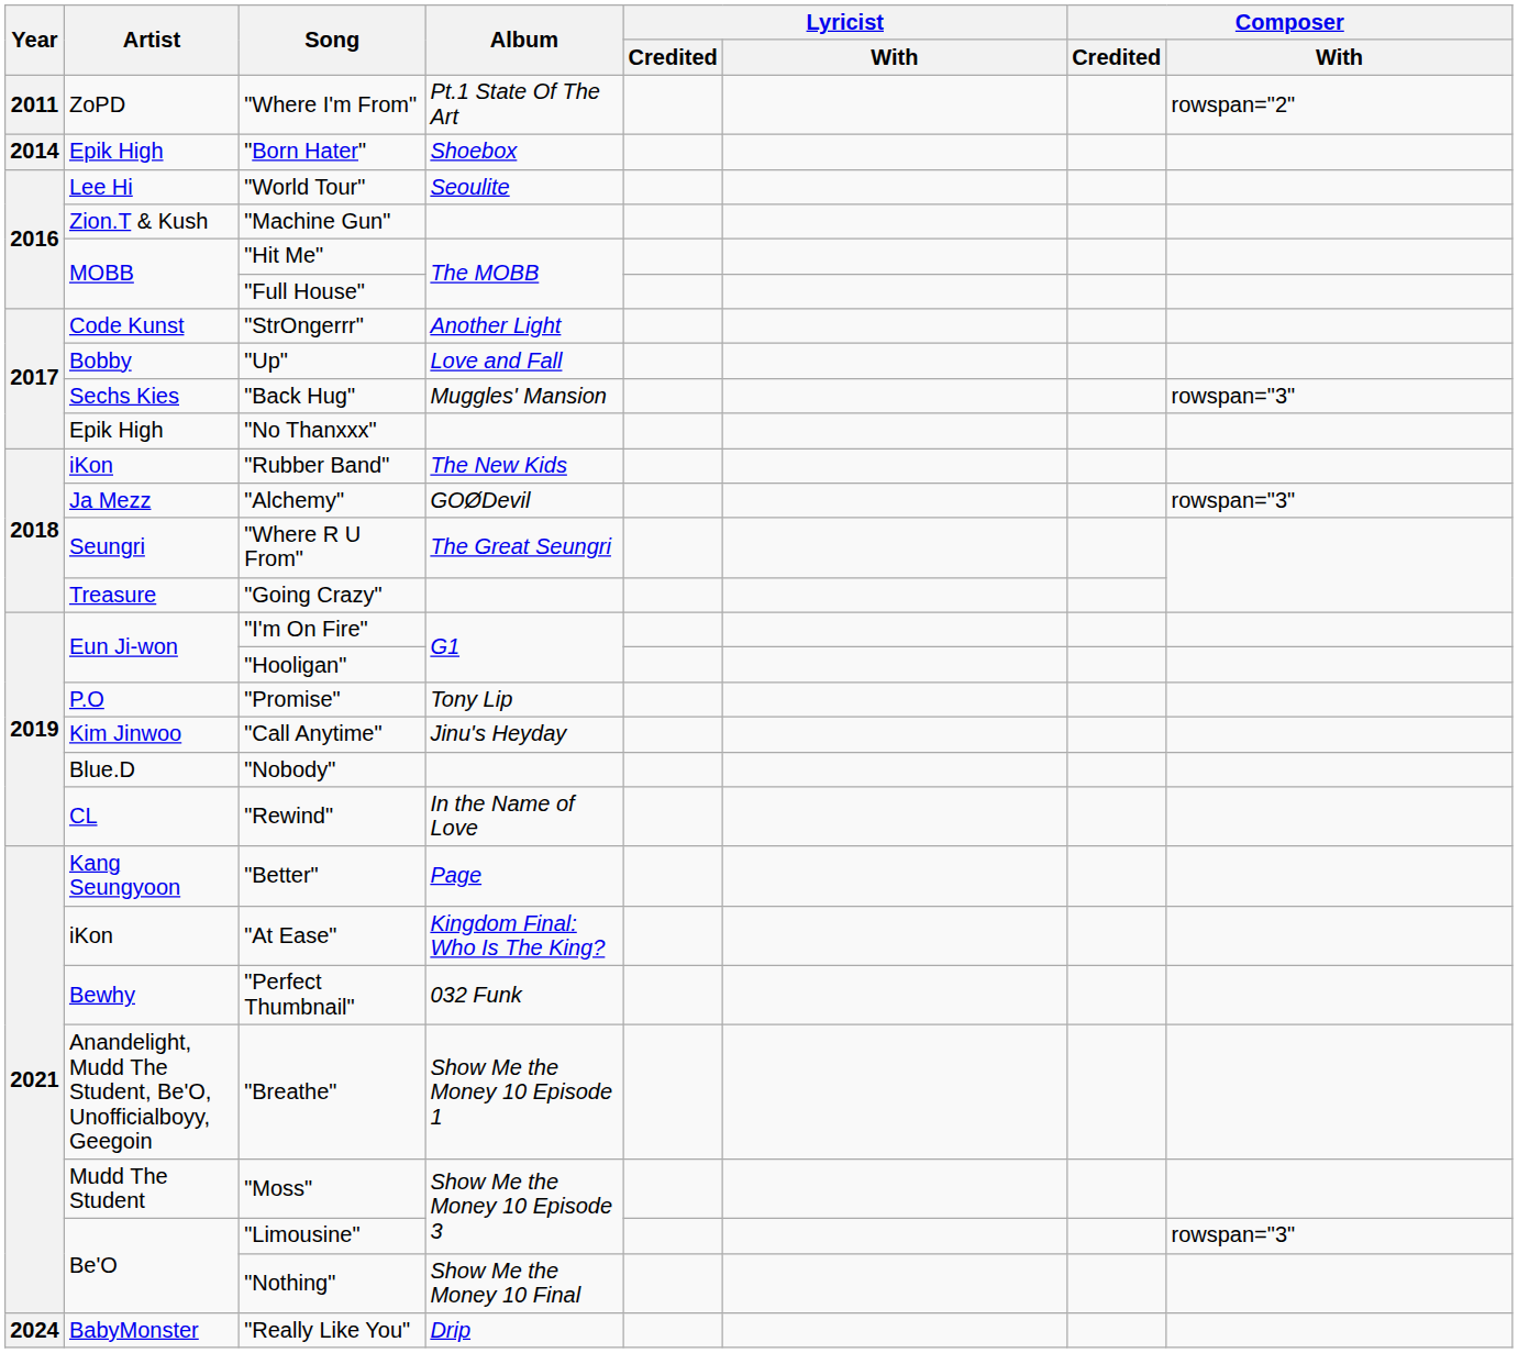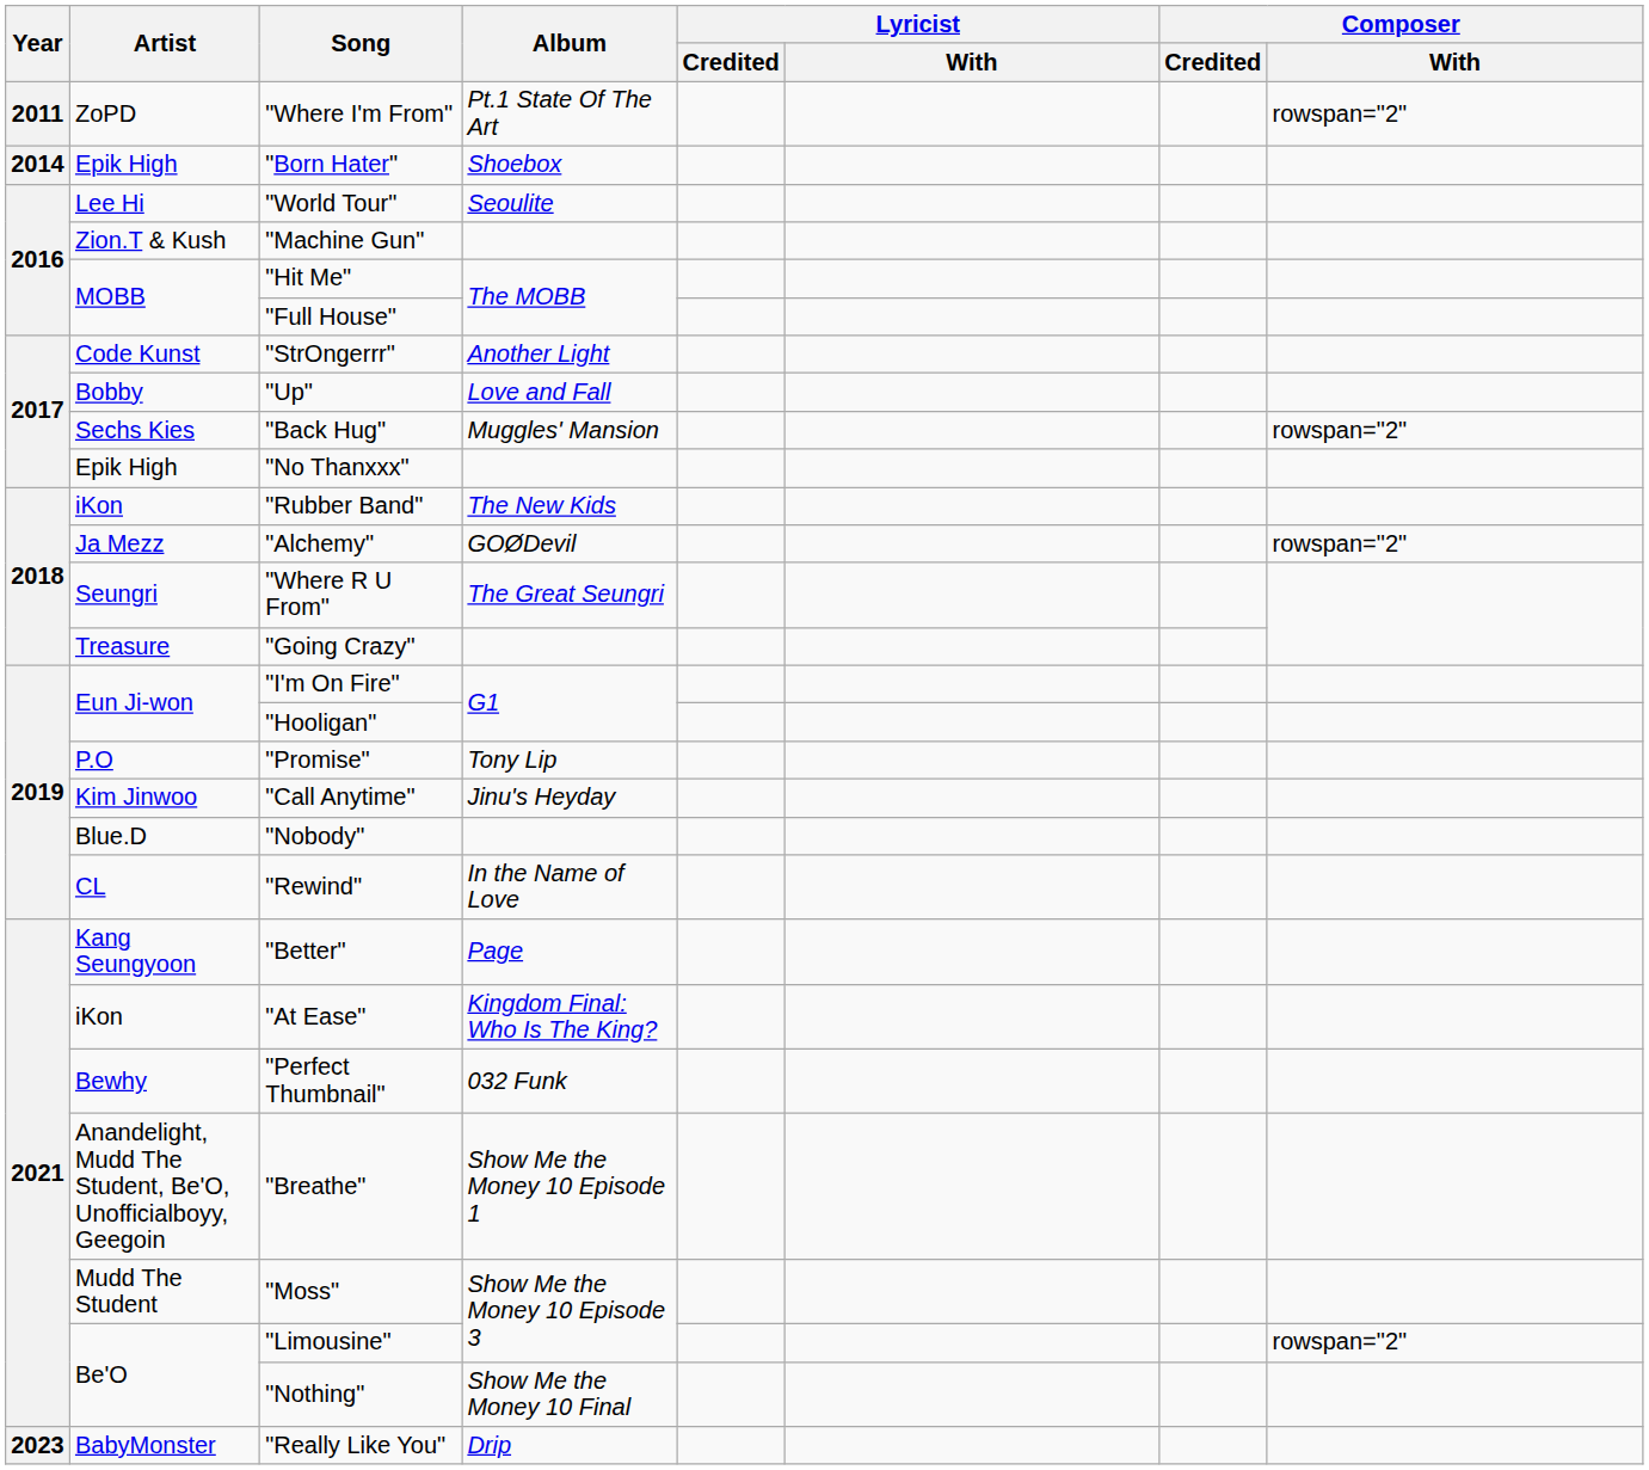 <table class="wikitable sortable plainrowheaders">
 <tr>
 <th rowspan="2" style="width:2em;">Year</th>
 <th rowspan="2" style="width:7.5em;">Artist</th>
 <th rowspan="2" style="width:8em;">Song</th>
 <th rowspan="2" style="width:8.55em;">Album</th>
 <th colspan="2"><a href='#'>Lyricist</a></th>
 <th colspan="2"><a href='#'>Composer</a></th>
 </tr>
 <tr>
 <th>Credited</th>
 <th style="width:15.2em;">With</th>
 <th>Credited</th>
 <th style="width:15.3em;">With</th>
 </tr>
 <tr>
 <th scope="row">2011</th>
 <td>ZoPD</td>
 <td>"Where I'm From"</td>
 <td><em>Pt.1 State Of The Art</em></td>
 <td></td>
 <td style="text-align:center"></td>
 <td></td>
 <td>rowspan="2" </td>
 </tr>
 <tr>
 <th scope="row">2014</th>
 <td><a href='#'>Epik High</a></td>
 <td>"<a href='#'>Born Hater</a>"</td>
 <td><em><a href='#'>Shoebox</a></em></td>
 <td></td>
 <td style="text-align:center"></td>
 <td></td>
 </tr>
 <tr>
 <th scope="row" rowspan="4">2016</th>
 <td><a href='#'>Lee Hi</a></td>
 <td>"World Tour"</td>
 <td><em><a href='#'>Seoulite</a></em></td>
 <td></td>
 <td style="text-align:center"></td>
 <td></td>
 <td style="text-align:center"></td>
 </tr>
 <tr>
 <td><a href='#'>Zion.T</a> & Kush</td>
 <td>"Machine Gun"</td>
 <td></td>
 <td></td>
 <td style="text-align:center"></td>
 <td></td>
 <td></td>
 </tr>
 <tr>
 <td rowspan="2"><a href='#'>MOBB</a></td>
 <td>"Hit Me" </td>
 <td rowspan="2"><em><a href='#'>The MOBB</a></em></td>
 <td></td>
 <td style="text-align:center"></td>
 <td></td>
 <td style="text-align:center"></td>
 </tr>
 <tr>
 <td>"Full House" </td>
 <td></td>
 <td style="text-align:center"></td>
 <td></td>
 <td style="text-align:center"></td>
 </tr>
 <tr>
 <th scope="row" rowspan="4">2017</th>
 <td><a href='#'>Code Kunst</a></td>
 <td>"StrOngerrr"</td>
 <td><em><a href='#'>Another Light</a></em></td>
 <td></td>
 <td style="text-align:center"></td>
 <td></td>
 <td style="text-align:center"></td>
 </tr>
 <tr>
 <td><a href='#'>Bobby</a></td>
 <td>"Up"</td>
 <td><em><a href='#'>Love and Fall</a></em></td>
 <td></td>
 <td style="text-align:center"></td>
 <td></td>
 <td style="text-align:center"></td>
 </tr>
 <tr>
 <td><a href='#'>Sechs Kies</a></td>
 <td>"Back Hug"</td>
 <td><em>Muggles' Mansion</em></td>
 <td></td>
 <td style="text-align:center"></td>
 <td></td>
-<td>rowspan="3" </td>
+<td>rowspan="2" </td>
 </tr>
 <tr>
 <td>Epik High</td>
 <td>"No Thanxxx"</td>
 <td></td>
 <td></td>
 <td style="text-align:center"></td>
 <td></td>
 </tr>
 <tr>
 <th scope="row" rowspan="4">2018</th>
 <td><a href='#'>iKon</a></td>
 <td>"Rubber Band"</td>
 <td><em><a href='#'>The New Kids</a></em></td>
 <td></td>
 <td style="text-align:center"></td>
 <td></td>
 <td style="text-align:center"></td>
 </tr>
 <tr>
 <td><a href='#'>Ja Mezz</a></td>
 <td>"Alchemy" </td>
 <td><em>GOØDevil</em></td>
 <td></td>
 <td style="text-align:center"></td>
 <td></td>
-<td>rowspan="3" </td>
+<td>rowspan="2" </td>
 </tr>
 <tr>
 <td><a href='#'>Seungri</a></td>
 <td>"Where R U From"</td>
 <td><em><a href='#'>The Great Seungri</a></em></td>
 <td></td>
 <td style="text-align:center"></td>
 <td></td>
 </tr>
 <tr>
 <td><a href='#'>Treasure</a></td>
 <td>"Going Crazy"</td>
 <td></td>
 <td></td>
 <td style="text-align:center"></td>
 <td></td>
 </tr>
 <tr>
 <th scope="row" rowspan="6">2019</th>
 <td rowspan="2"><a href='#'>Eun Ji-won</a></td>
 <td>"I'm On Fire"</td>
 <td rowspan="2"><em><a href='#'>G1</a></em></td>
 <td></td>
 <td></td>
 <td></td>
 <td style="text-align:center"></td>
 </tr>
 <tr>
 <td>"Hooligan"</td>
 <td></td>
 <td style="text-align:center"></td>
 <td></td>
 <td style="text-align:center"></td>
 </tr>
 <tr>
 <td><a href='#'>P.O</a></td>
 <td>"Promise"</td>
 <td><em>Tony Lip</em></td>
 <td></td>
 <td style="text-align:center"></td>
 <td></td>
 <td></td>
 </tr>
 <tr>
 <td><a href='#'>Kim Jinwoo</a></td>
 <td>"Call Anytime"</td>
 <td><em>Jinu's Heyday</em></td>
 <td></td>
 <td style="text-align:center"></td>
 <td></td>
 <td style="text-align:center"></td>
 </tr>
 <tr>
 <td>Blue.D</td>
 <td>"Nobody"</td>
 <td></td>
 <td></td>
 <td style="text-align:center"></td>
 <td></td>
 <td style="text-align:center"></td>
 </tr>
 <tr>
 <td><a href='#'>CL</a></td>
 <td>"Rewind" </td>
 <td><em>In the Name of Love</em></td>
 <td></td>
 <td style="text-align:center"></td>
 <td></td>
 <td style="text-align:center"></td>
 </tr>
 <tr>
 <th scope="row" rowspan="7">2021</th>
 <td><a href='#'>Kang Seungyoon</a></td>
 <td>"Better"</td>
 <td><em><a href='#'>Page</a></em></td>
 <td></td>
 <td style="text-align:center"></td>
 <td></td>
 <td></td>
 </tr>
 <tr>
 <td>iKon</td>
 <td>"At Ease" </td>
 <td><em><a href='#'>Kingdom Final: Who Is The King?</a></em></td>
 <td></td>
 <td style="text-align:center"></td>
 <td></td>
 <td style="text-align:center"></td>
 </tr>
 <tr>
 <td><a href='#'>Bewhy</a></td>
 <td>"Perfect Thumbnail"</td>
 <td><em>032 Funk</em></td>
 <td></td>
 <td style="text-align:center"></td>
 <td></td>
 <td></td>
 </tr>
 <tr>
 <td>Anandelight, Mudd The Student, Be'O, Unofficialboyy, Geegoin</td>
 <td>"Breathe" </td>
 <td><em>Show Me the Money 10 Episode 1</em></td>
 <td></td>
 <td style="text-align:center"></td>
 <td></td>
 <td style="text-align:center"></td>
 </tr>
 <tr>
 <td>Mudd The Student</td>
 <td>"Moss" </td>
 <td rowspan="2"><em>Show Me the Money 10 Episode 3</em></td>
 <td></td>
 <td style="text-align:center"></td>
 <td></td>
 <td style="text-align:center"></td>
 </tr>
 <tr>
 <td rowspan="2">Be'O</td>
 <td>"Limousine" </td>
 <td></td>
 <td style="text-align:center"></td>
 <td></td>
-<td>rowspan="3" </td>
+<td>rowspan="2" </td>
 </tr>
 <tr>
 <td>"Nothing" </td>
 <td rowspan="1"><em>Show Me the Money 10 Final</em></td>
 <td></td>
 <td style="text-align:center"></td>
 <td></td>
 </tr>
 <tr>
-<th scope="row" rowspan="1">2024</th>
+<th scope="row" rowspan="1">2023</th>
 <td><a href='#'>BabyMonster</a></td>
 <td>"Really Like You"</td>
 <td><em><a href='#'>Drip</a></em></td>
 <td></td>
 <td></td>
 <td></td>
 <td></td>
 </tr>
 </table>
